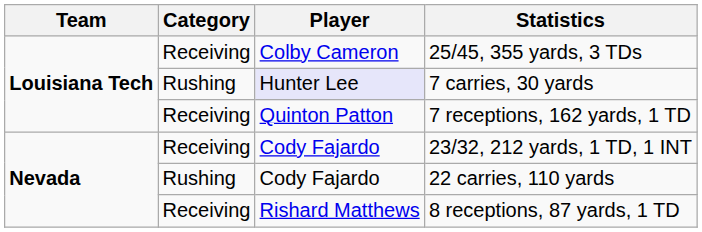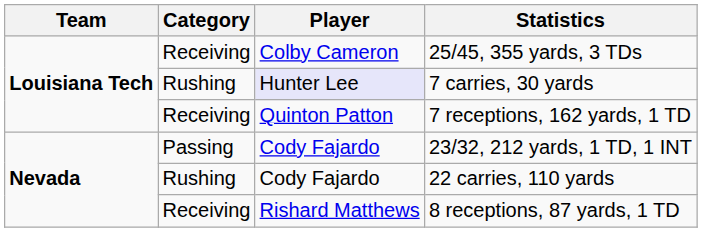 <table class="wikitable" style="float: left;">
 <tr>
 <th>Team</th>
 <th>Category</th>
 <th>Player</th>
 <th>Statistics</th>
 </tr>
 <tr>
 <td rowspan=3><strong>Louisiana Tech</strong></td>
 <td>Receiving</td>
 <td><a href='#'>Colby Cameron</a></td>
 <td>25/45, 355 yards, 3 TDs</td>
 </tr>
 <tr>
 <td>Rushing</td>
 <td style="background: lavender;">Hunter Lee</td>
 <td>7 carries, 30 yards</td>
 </tr>
 <tr>
 <td>Receiving</td>
 <td><a href='#'>Quinton Patton</a></td>
 <td>7 receptions, 162 yards, 1 TD</td>
 </tr>
 <tr>
 <td rowspan=3><strong>Nevada</strong></td>
-<td>Receiving</td>
+<td>Passing</td>
 <td><a href='#'>Cody Fajardo</a></td>
 <td>23/32, 212 yards, 1 TD, 1 INT</td>
 </tr>
 <tr>
 <td>Rushing</td>
 <td>Cody Fajardo</td>
 <td>22 carries, 110 yards</td>
 </tr>
 <tr>
 <td>Receiving</td>
 <td><a href='#'>Rishard Matthews</a></td>
 <td>8 receptions, 87 yards, 1 TD</td>
 </tr>
 </table>
